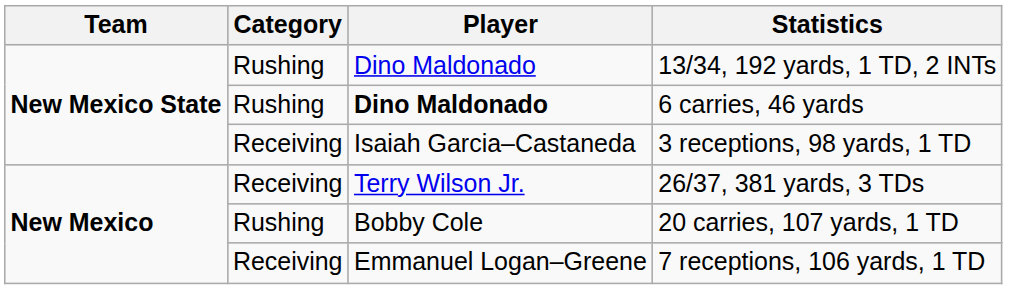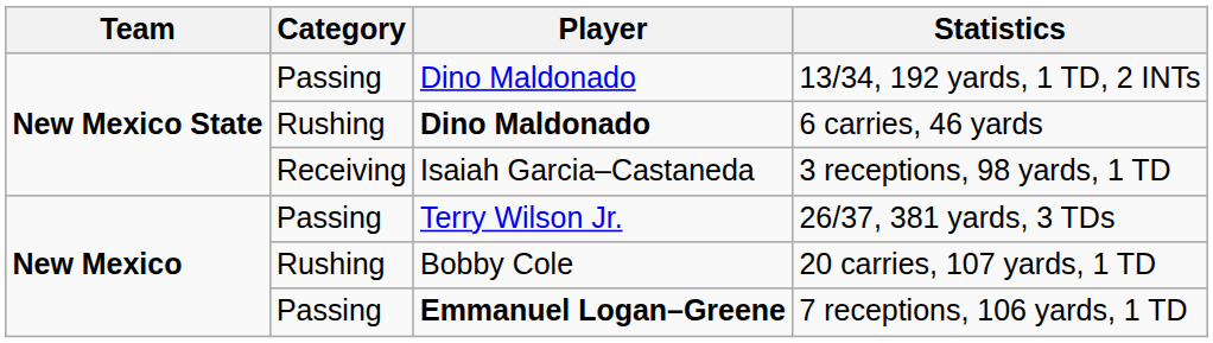 <table class="wikitable" style="float: left;">
 <tr>
 <th>Team</th>
 <th>Category</th>
 <th>Player</th>
 <th>Statistics</th>
 </tr>
 <tr>
 <td rowspan=3><strong>New Mexico State</strong></td>
-<td>Rushing</td>
+<td>Passing</td>
 <td><a href='#'>Dino Maldonado</a></td>
 <td>13/34, 192 yards, 1 TD, 2 INTs</td>
 </tr>
 <tr>
 <td>Rushing</td>
 <td><strong>Dino Maldonado</strong></td>
 <td>6 carries, 46 yards</td>
 </tr>
 <tr>
 <td>Receiving</td>
 <td>Isaiah Garcia–Castaneda</td>
 <td>3 receptions, 98 yards, 1 TD</td>
 </tr>
 <tr>
 <td rowspan=3><strong>New Mexico</strong></td>
-<td>Receiving</td>
+<td>Passing</td>
 <td><a href='#'>Terry Wilson Jr.</a></td>
 <td>26/37, 381 yards, 3 TDs</td>
 </tr>
 <tr>
 <td>Rushing</td>
 <td>Bobby Cole</td>
 <td>20 carries, 107 yards, 1 TD</td>
 </tr>
 <tr>
-<td>Receiving</td>
-<td>Emmanuel Logan–Greene</td>
+<td>Passing</td>
+<td><strong>Emmanuel Logan–Greene</strong></td>
 <td>7 receptions, 106 yards, 1 TD</td>
 </tr>
 </table>
